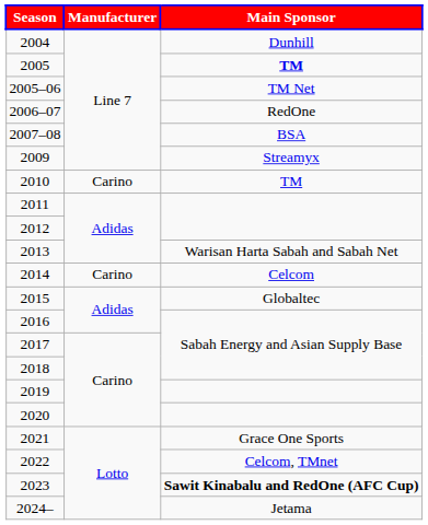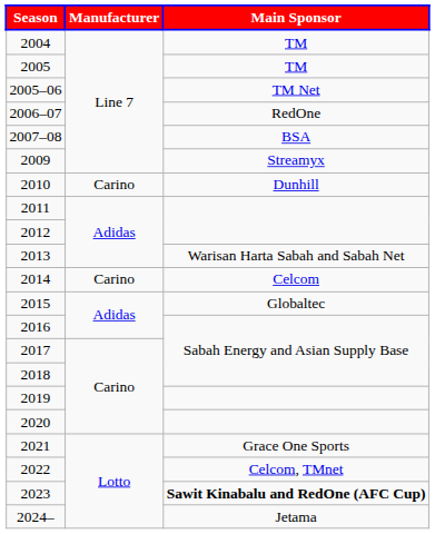 <table class="wikitable" style="text-align:center;margin-left:1em">
 <tr>
 <th style="background:red; color:white; border:2px solid blue;">Season</th>
 <th style="background:red; color:white; border:2px solid blue;">Manufacturer</th>
 <th style="background:red; color:white; border:2px solid blue;">Main Sponsor</th>
 </tr>
 <tr>
 <td>2004</td>
 <td rowspan=6> Line 7</td>
-<td><a href='#'>Dunhill</a></td>
+<td><a href='#'>TM</a></td>
 </tr>
 <tr>
 <td>2005</td>
-<td><strong><a href='#'>TM</a></strong></td>
+<td><a href='#'>TM</a></td>
 </tr>
 <tr>
 <td>2005–06</td>
 <td><a href='#'>TM Net</a></td>
 </tr>
 <tr>
 <td>2006–07</td>
 <td>RedOne</td>
 </tr>
 <tr>
 <td>2007–08</td>
 <td><a href='#'>BSA</a></td>
 </tr>
 <tr>
 <td>2009</td>
 <td><a href='#'>Streamyx</a></td>
 </tr>
 <tr>
 <td>2010</td>
 <td> Carino</td>
-<td><a href='#'>TM</a></td>
+<td><a href='#'>Dunhill</a></td>
 </tr>
 <tr>
 <td>2011</td>
 <td rowspan=3> <a href='#'>Adidas</a></td>
 <td rowspan=2></td>
 </tr>
 <tr>
 <td>2012</td>
 </tr>
 <tr>
 <td>2013</td>
 <td>Warisan Harta Sabah and Sabah Net</td>
 </tr>
 <tr>
 <td>2014</td>
 <td> Carino</td>
 <td><a href='#'>Celcom</a></td>
 </tr>
 <tr>
 <td>2015</td>
 <td rowspan=2> <a href='#'>Adidas</a></td>
 <td>Globaltec</td>
 </tr>
 <tr>
 <td>2016</td>
 <td rowspan=3>Sabah Energy and Asian Supply Base</td>
 </tr>
 <tr>
 <td>2017</td>
 <td rowspan=4> Carino</td>
 </tr>
 <tr>
 <td>2018</td>
 </tr>
 <tr>
 <td>2019</td>
 <td></td>
 </tr>
 <tr>
 <td>2020</td>
 <td></td>
 </tr>
 <tr>
 <td>2021</td>
 <td rowspan=4> <a href='#'>Lotto</a></td>
 <td>Grace One Sports</td>
 </tr>
 <tr>
 <td>2022</td>
 <td><a href='#'>Celcom</a>, <a href='#'>TMnet</a></td>
 </tr>
 <tr>
 <td>2023</td>
 <td><strong>Sawit Kinabalu and RedOne (AFC Cup)</strong></td>
 </tr>
 <tr>
 <td>2024–</td>
 <td>Jetama</td>
 </tr>
 </table>
